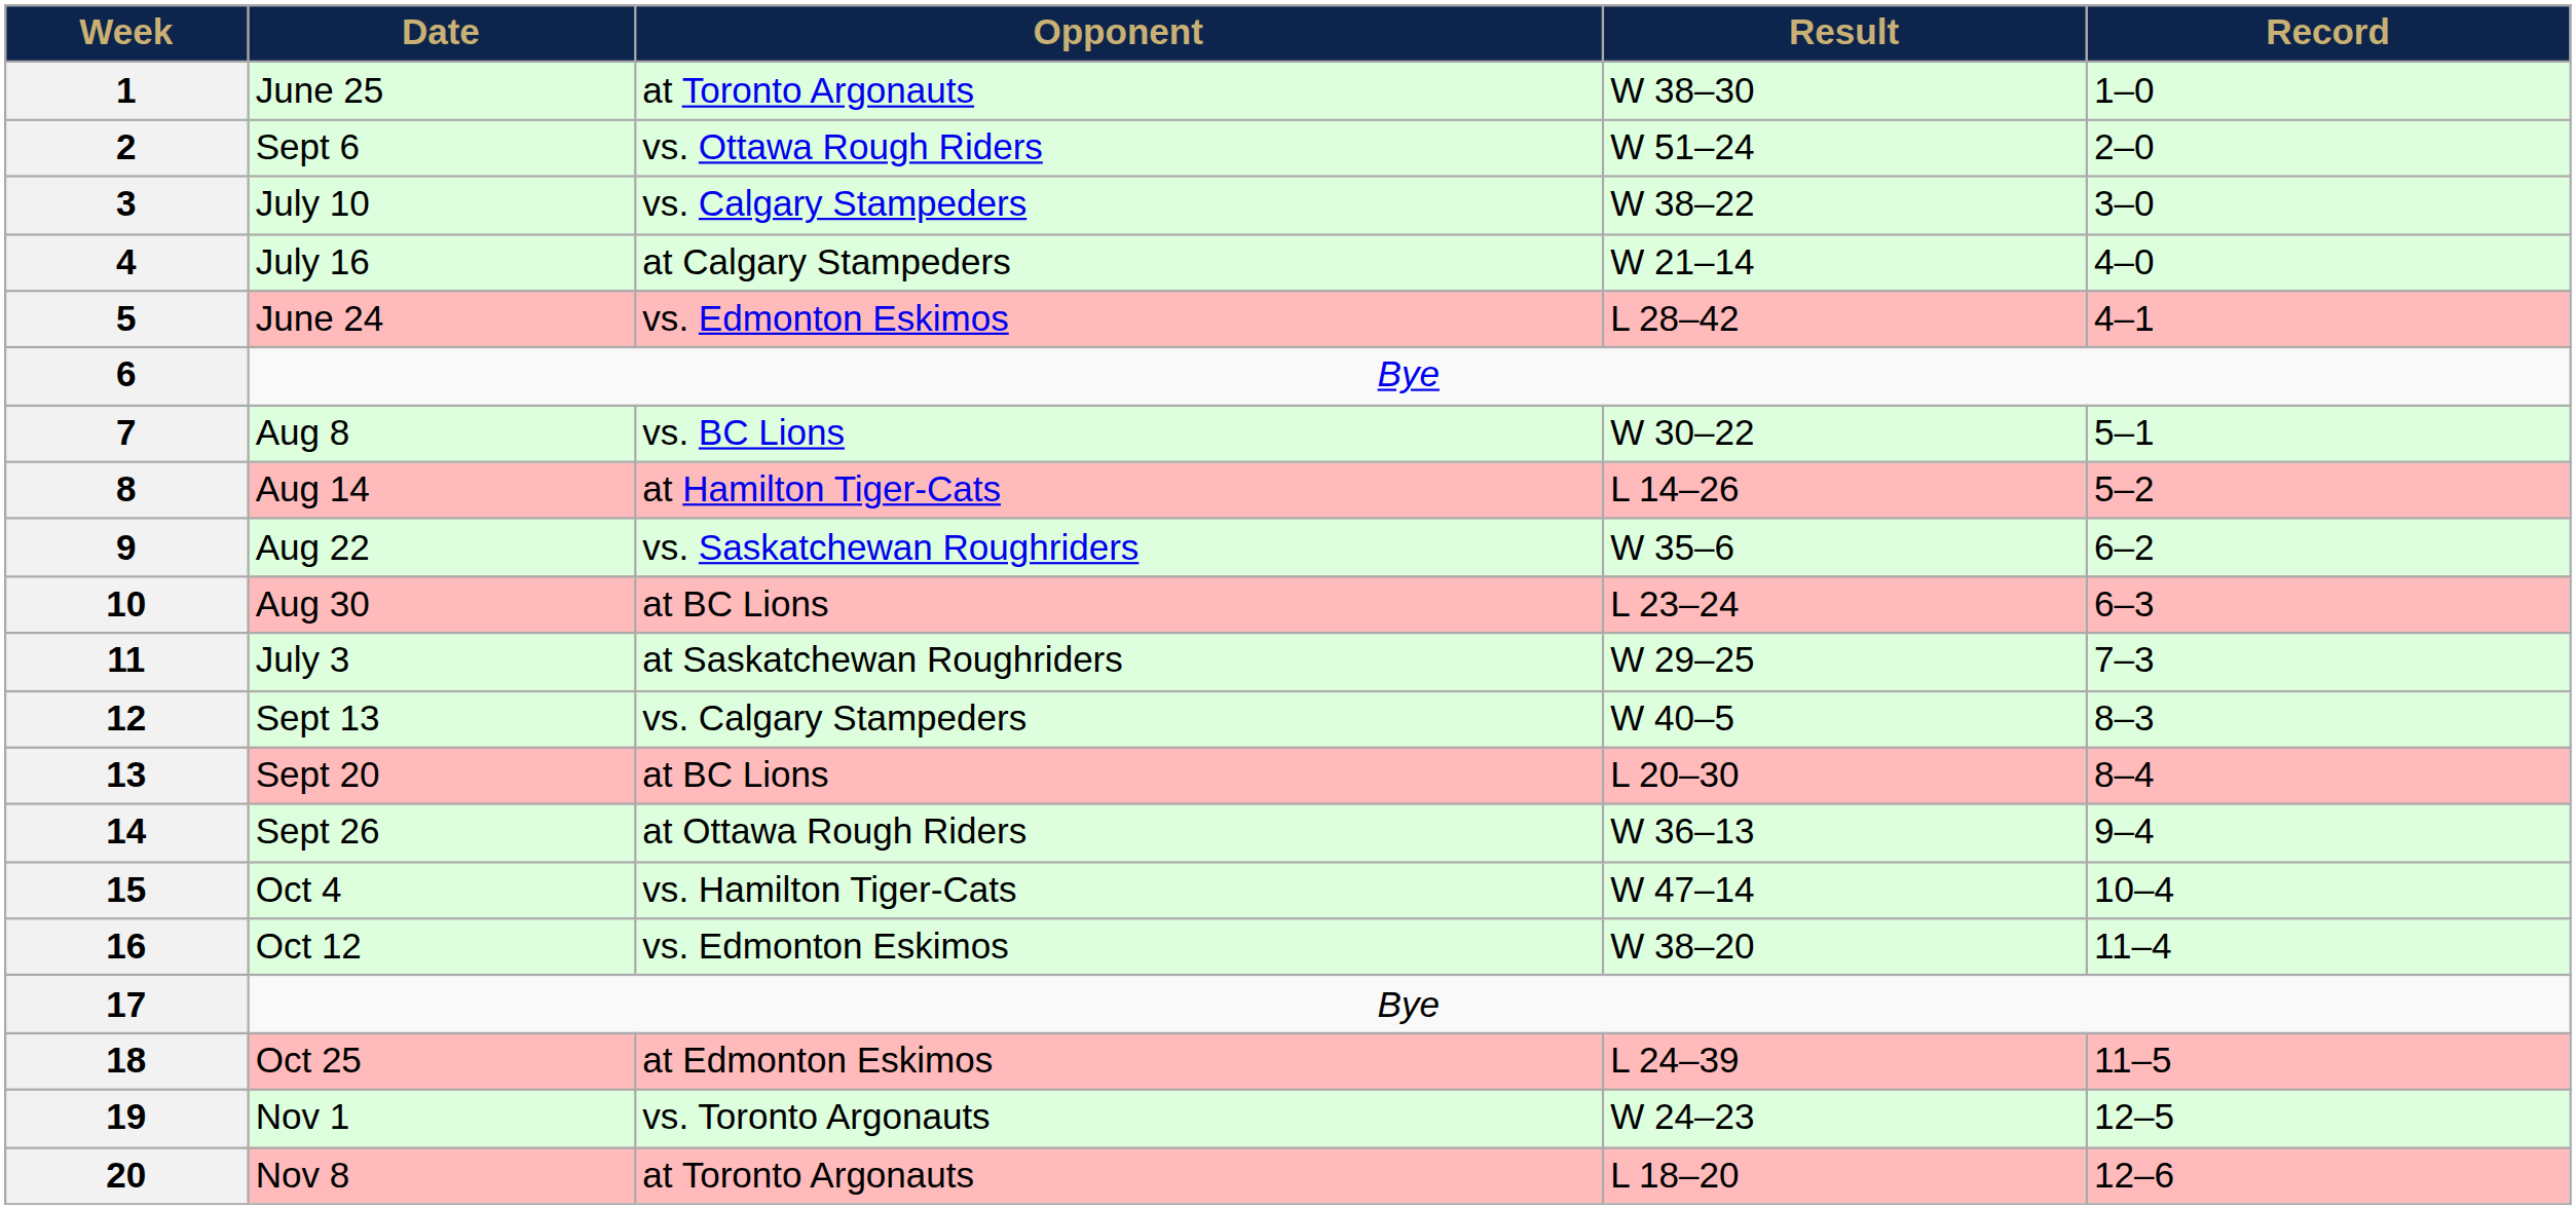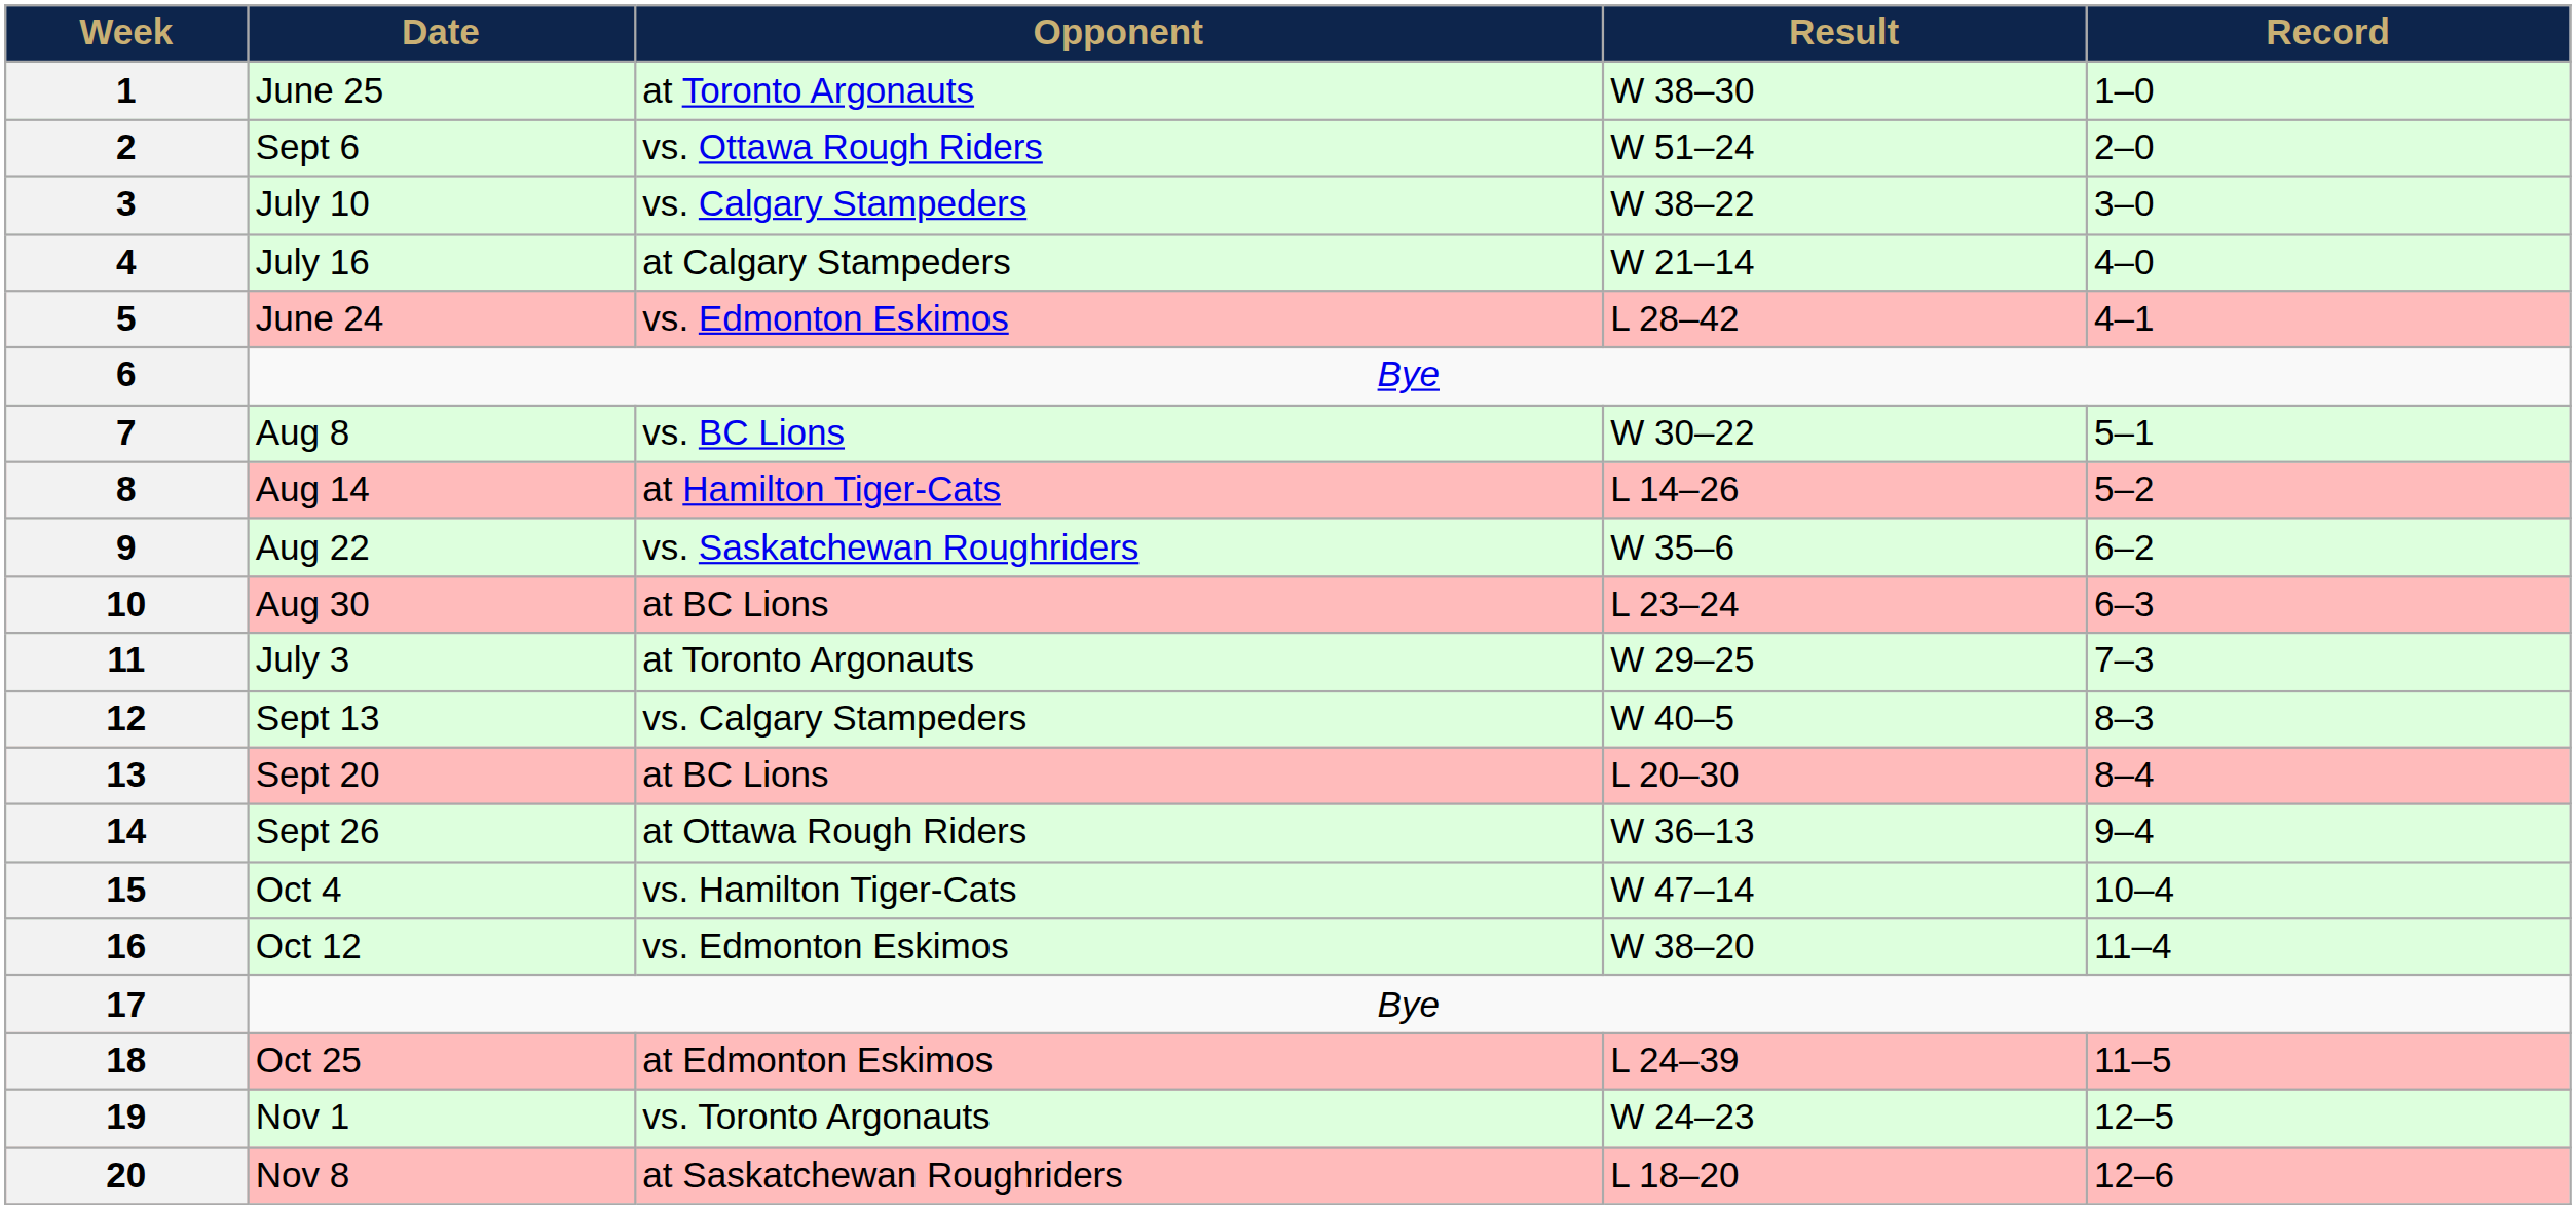 <table class="wikitable sortable">
 <tr>
 <th style="background:#0d254c;color:#c9b074;"  width="5%">Week</th>
 <th style="background:#0d254c;color:#c9b074;"  width="8%">Date</th>
 <th style="background:#0d254c;color:#c9b074;"  width="20%">Opponent</th>
 <th style="background:#0d254c;color:#c9b074;"  width="10%">Result</th>
 <th style="background:#0d254c;color:#c9b074;"  width="10%">Record</th>
 </tr>
 <tr style="background:#ddffdd">
 <th>1</th>
 <td>June 25</td>
 <td>at <a href='#'>Toronto Argonauts</a></td>
 <td>W 38–30</td>
 <td>1–0</td>
 </tr>
 <tr style="background:#ddffdd">
 <th>2</th>
 <td>Sept 6</td>
 <td>vs. <a href='#'>Ottawa Rough Riders</a></td>
 <td>W 51–24</td>
 <td>2–0</td>
 </tr>
 <tr style="background:#ddffdd">
 <th>3</th>
 <td>July 10</td>
 <td>vs. <a href='#'>Calgary Stampeders</a></td>
 <td>W 38–22</td>
 <td>3–0</td>
 </tr>
 <tr style="background:#ddffdd">
 <th>4</th>
 <td>July 16</td>
 <td>at Calgary Stampeders</td>
 <td>W 21–14</td>
 <td>4–0</td>
 </tr>
 <tr style="background:#ffbbbb">
 <th>5</th>
 <td>June 24</td>
 <td>vs. <a href='#'>Edmonton Eskimos</a></td>
 <td>L 28–42</td>
 <td>4–1</td>
 </tr>
 <tr>
 <th>6</th>
 <td colspan=7 align="center"><em><a href='#'>Bye</a></em></td>
 </tr>
 <tr style="background:#ddffdd">
 <th>7</th>
 <td>Aug 8</td>
 <td>vs. <a href='#'>BC Lions</a></td>
 <td>W 30–22</td>
 <td>5–1</td>
 </tr>
 <tr style="background:#ffbbbb">
 <th>8</th>
 <td>Aug 14</td>
 <td>at <a href='#'>Hamilton Tiger-Cats</a></td>
 <td>L 14–26</td>
 <td>5–2</td>
 </tr>
 <tr style="background:#ddffdd">
 <th>9</th>
 <td>Aug 22</td>
 <td>vs. <a href='#'>Saskatchewan Roughriders</a></td>
 <td>W 35–6</td>
 <td>6–2</td>
 </tr>
 <tr style="background:#ffbbbb">
 <th>10</th>
 <td>Aug 30</td>
 <td>at BC Lions</td>
 <td>L 23–24</td>
 <td>6–3</td>
 </tr>
 <tr style="background:#ddffdd">
 <th>11</th>
 <td>July 3</td>
-<td>at Saskatchewan Roughriders</td>
+<td>at Toronto Argonauts</td>
 <td>W 29–25</td>
 <td>7–3</td>
 </tr>
 <tr style="background:#ddffdd">
 <th>12</th>
 <td>Sept 13</td>
 <td>vs. Calgary Stampeders</td>
 <td>W 40–5</td>
 <td>8–3</td>
 </tr>
 <tr style="background:#ffbbbb">
 <th>13</th>
 <td>Sept 20</td>
 <td>at BC Lions</td>
 <td>L 20–30</td>
 <td>8–4</td>
 </tr>
 <tr style="background:#ddffdd">
 <th>14</th>
 <td>Sept 26</td>
 <td>at Ottawa Rough Riders</td>
 <td>W 36–13</td>
 <td>9–4</td>
 </tr>
 <tr style="background:#ddffdd">
 <th>15</th>
 <td>Oct 4</td>
 <td>vs. Hamilton Tiger-Cats</td>
 <td>W 47–14</td>
 <td>10–4</td>
 </tr>
 <tr style="background:#ddffdd">
 <th>16</th>
 <td>Oct 12</td>
 <td>vs. Edmonton Eskimos</td>
 <td>W 38–20</td>
 <td>11–4</td>
 </tr>
 <tr align="center">
 <th>17</th>
 <td colspan=7 align="center"><em>Bye</em></td>
 </tr>
 <tr style="background:#ffbbbb">
 <th>18</th>
 <td>Oct 25</td>
 <td>at Edmonton Eskimos</td>
 <td>L 24–39</td>
 <td>11–5</td>
 </tr>
 <tr style="background:#ddffdd">
 <th>19</th>
 <td>Nov 1</td>
 <td>vs. Toronto Argonauts</td>
 <td>W 24–23</td>
 <td>12–5</td>
 </tr>
 <tr style="background:#ffbbbb">
 <th>20</th>
 <td>Nov 8</td>
-<td>at Toronto Argonauts</td>
+<td>at Saskatchewan Roughriders</td>
 <td>L 18–20</td>
 <td>12–6</td>
 </tr>
 </table>
